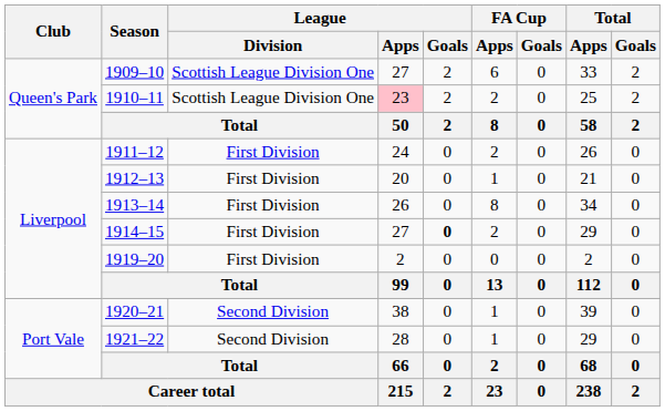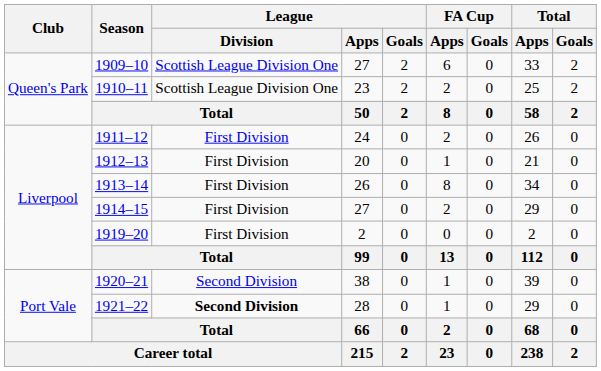 <table class="wikitable" style="text-align: center;">
 <tr>
 <th rowspan="2">Club</th>
 <th rowspan="2">Season</th>
 <th colspan="3">League</th>
 <th colspan="2">FA Cup</th>
 <th colspan="2">Total</th>
 </tr>
 <tr>
 <th>Division</th>
 <th>Apps</th>
 <th>Goals</th>
 <th>Apps</th>
 <th>Goals</th>
 <th>Apps</th>
 <th>Goals</th>
 </tr>
 <tr>
 <td rowspan="3"><a href='#'>Queen's Park</a></td>
 <td><a href='#'>1909–10</a></td>
 <td><a href='#'>Scottish League Division One</a></td>
 <td>27</td>
 <td>2</td>
 <td>6</td>
 <td>0</td>
 <td>33</td>
 <td>2</td>
 </tr>
 <tr>
 <td><a href='#'>1910–11</a></td>
 <td>Scottish League Division One</td>
-<td style="background: pink;">23</td>
+<td>23</td>
 <td>2</td>
 <td>2</td>
 <td>0</td>
 <td>25</td>
 <td>2</td>
 </tr>
 <tr>
 <th colspan="2">Total</th>
 <th>50</th>
 <th>2</th>
 <th>8</th>
 <th>0</th>
 <th>58</th>
 <th>2</th>
 </tr>
 <tr>
 <td rowspan="6"><a href='#'>Liverpool</a></td>
 <td><a href='#'>1911–12</a></td>
 <td><a href='#'>First Division</a></td>
 <td>24</td>
 <td>0</td>
 <td>2</td>
 <td>0</td>
 <td>26</td>
 <td>0</td>
 </tr>
 <tr>
 <td><a href='#'>1912–13</a></td>
 <td>First Division</td>
 <td>20</td>
 <td>0</td>
 <td>1</td>
 <td>0</td>
 <td>21</td>
 <td>0</td>
 </tr>
 <tr>
 <td><a href='#'>1913–14</a></td>
 <td>First Division</td>
 <td>26</td>
 <td>0</td>
 <td>8</td>
 <td>0</td>
 <td>34</td>
 <td>0</td>
 </tr>
 <tr>
 <td><a href='#'>1914–15</a></td>
 <td>First Division</td>
 <td>27</td>
-<td><strong>0</strong></td>
+<td>0</td>
 <td>2</td>
 <td>0</td>
 <td>29</td>
 <td>0</td>
 </tr>
 <tr>
 <td><a href='#'>1919–20</a></td>
 <td>First Division</td>
 <td>2</td>
 <td>0</td>
 <td>0</td>
 <td>0</td>
 <td>2</td>
 <td>0</td>
 </tr>
 <tr>
 <th colspan="2">Total</th>
 <th>99</th>
 <th>0</th>
 <th>13</th>
 <th>0</th>
 <th>112</th>
 <th>0</th>
 </tr>
 <tr>
 <td rowspan="3"><a href='#'>Port Vale</a></td>
 <td><a href='#'>1920–21</a></td>
 <td><a href='#'>Second Division</a></td>
 <td>38</td>
 <td>0</td>
 <td>1</td>
 <td>0</td>
 <td>39</td>
 <td>0</td>
 </tr>
 <tr>
 <td><a href='#'>1921–22</a></td>
-<td>Second Division</td>
+<td><strong>Second Division</strong></td>
 <td>28</td>
 <td>0</td>
 <td>1</td>
 <td>0</td>
 <td>29</td>
 <td>0</td>
 </tr>
 <tr>
 <th colspan="2">Total</th>
 <th>66</th>
 <th>0</th>
 <th>2</th>
 <th>0</th>
 <th>68</th>
 <th>0</th>
 </tr>
 <tr>
 <th colspan="3">Career total</th>
 <th>215</th>
 <th>2</th>
 <th>23</th>
 <th>0</th>
 <th>238</th>
 <th>2</th>
 </tr>
 </table>
